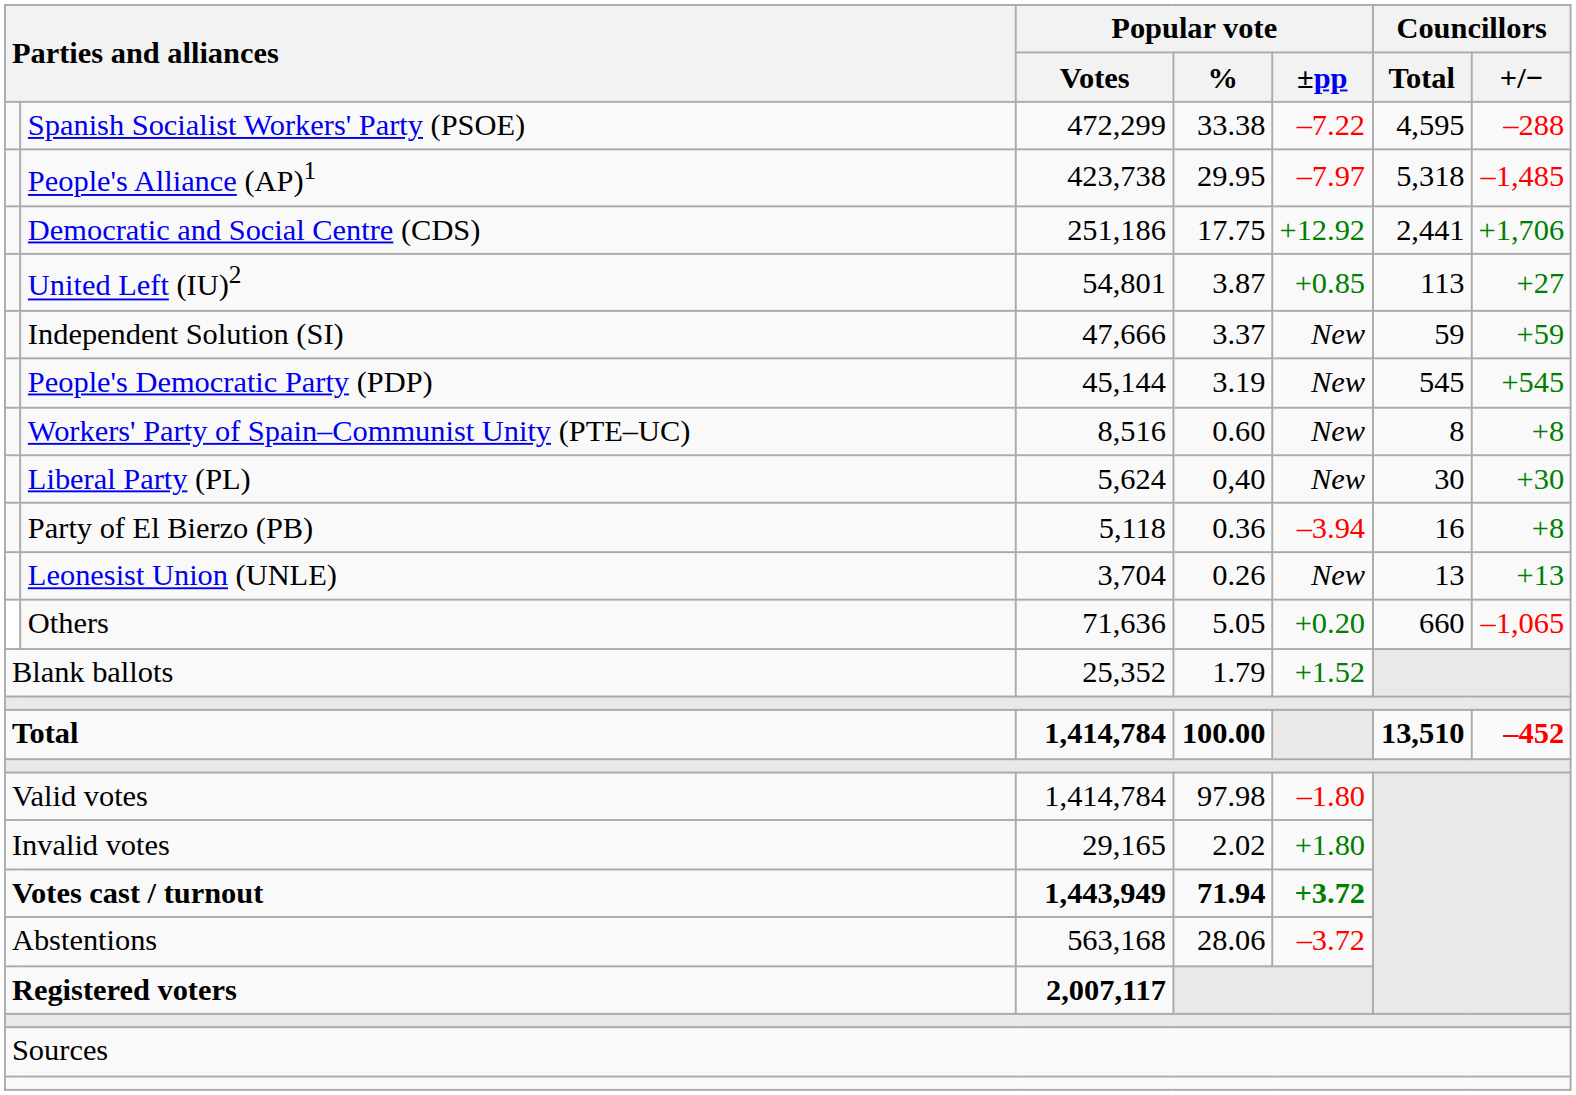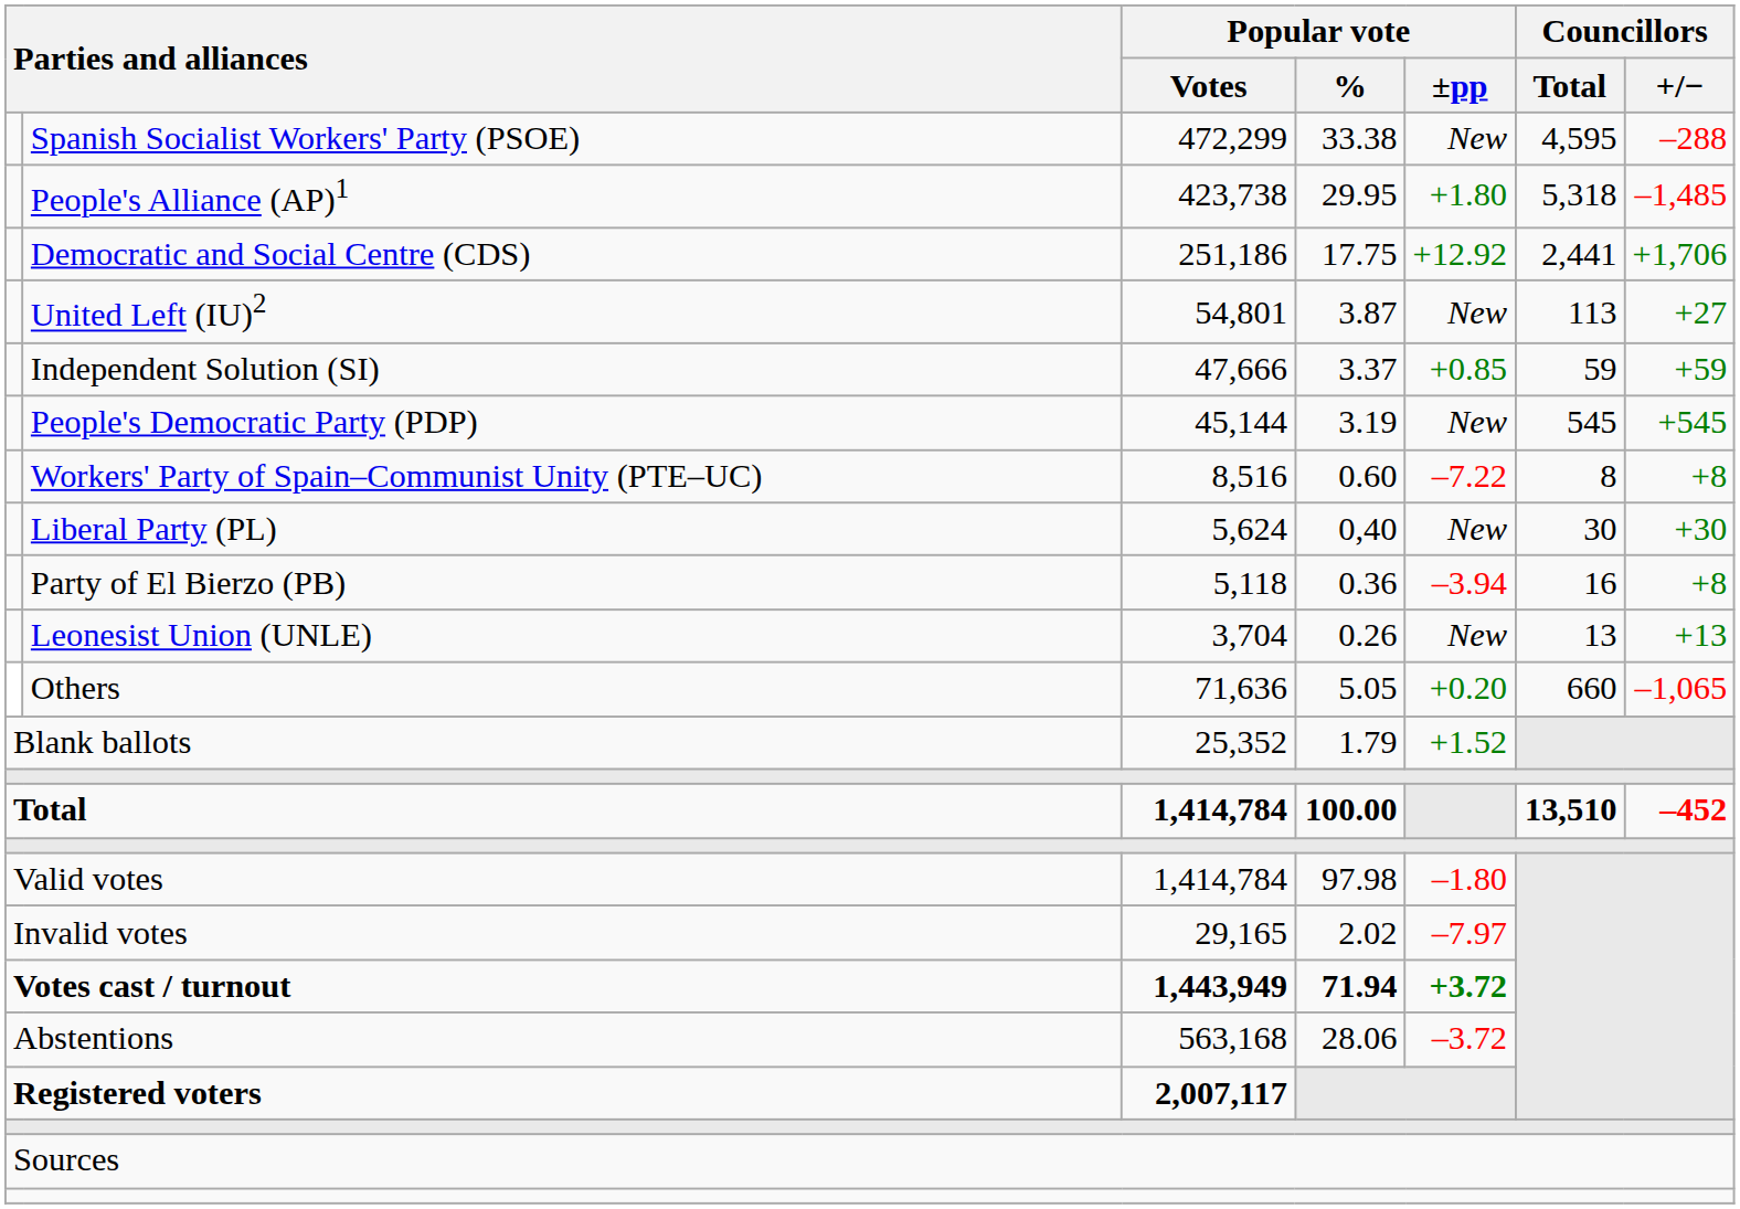 <table class="wikitable" style="text-align:right;">
 <tr>
 <th style="text-align:left;" rowspan="2" colspan="2" width="525">Parties and alliances</th>
 <th colspan="3">Popular vote</th>
 <th colspan="2">Councillors</th>
 </tr>
 <tr>
 <th width="75">Votes</th>
 <th width="45">%</th>
 <th width="45">±<a href='#'>pp</a></th>
 <th width="45">Total</th>
 <th width="45">+/−</th>
 </tr>
 <tr>
 <td width="1" style="color:inherit;background:"></td>
 <td align="left"><a href='#'>Spanish Socialist Workers' Party</a> (PSOE)</td>
 <td>472,299</td>
 <td>33.38</td>
-<td style="color:red;">–7.22</td>
+<td><em>New</em></td>
 <td>4,595</td>
 <td style="color:red;">–288</td>
 </tr>
 <tr>
 <td style="color:inherit;background:"></td>
 <td align="left"><a href='#'>People's Alliance</a> (AP)<sup>1</sup></td>
 <td>423,738</td>
 <td>29.95</td>
-<td style="color:red;">–7.97</td>
+<td style="color:green;">+1.80</td>
 <td>5,318</td>
 <td style="color:red;">–1,485</td>
 </tr>
 <tr>
 <td style="color:inherit;background:"></td>
 <td align="left"><a href='#'>Democratic and Social Centre</a> (CDS)</td>
 <td>251,186</td>
 <td>17.75</td>
 <td style="color:green;">+12.92</td>
 <td>2,441</td>
 <td style="color:green;">+1,706</td>
 </tr>
 <tr>
 <td style="color:inherit;background:"></td>
 <td align="left"><a href='#'>United Left</a> (IU)<sup>2</sup></td>
 <td>54,801</td>
 <td>3.87</td>
-<td style="color:green;">+0.85</td>
+<td><em>New</em></td>
 <td>113</td>
 <td style="color:green;">+27</td>
 </tr>
 <tr>
 <td width="1" style="color:inherit;background:"></td>
 <td align="left">Independent Solution (SI)</td>
 <td>47,666</td>
 <td>3.37</td>
-<td><em>New</em></td>
+<td style="color:green;">+0.85</td>
 <td>59</td>
 <td style="color:green;">+59</td>
 </tr>
 <tr>
 <td style="color:inherit;background:"></td>
 <td align="left"><a href='#'>People's Democratic Party</a> (PDP)</td>
 <td>45,144</td>
 <td>3.19</td>
 <td><em>New</em></td>
 <td>545</td>
 <td style="color:green;">+545</td>
 </tr>
 <tr>
 <td style="color:inherit;background:"></td>
 <td align="left"><a href='#'>Workers' Party of Spain–Communist Unity</a> (PTE–UC)</td>
 <td>8,516</td>
 <td>0.60</td>
-<td><em>New</em></td>
+<td style="color:red;">–7.22</td>
 <td>8</td>
 <td style="color:green;">+8</td>
 </tr>
 <tr>
 <td style="color:inherit;background:"></td>
 <td align="left"><a href='#'>Liberal Party</a> (PL)</td>
 <td>5,624</td>
 <td>0,40</td>
 <td><em>New</em></td>
 <td>30</td>
 <td style="color:green;">+30</td>
 </tr>
 <tr>
 <td style="color:inherit;background:"></td>
 <td align="left">Party of El Bierzo (PB)</td>
 <td>5,118</td>
 <td>0.36</td>
 <td style="color:red;">–3.94</td>
 <td>16</td>
 <td style="color:green;">+8</td>
 </tr>
 <tr>
 <td style="color:inherit;background:"></td>
 <td align="left"><a href='#'>Leonesist Union</a> (UNLE)</td>
 <td>3,704</td>
 <td>0.26</td>
 <td><em>New</em></td>
 <td>13</td>
 <td style="color:green;">+13</td>
 </tr>
 <tr>
 <td bgcolor="white"></td>
 <td align="left">Others</td>
 <td>71,636</td>
 <td>5.05</td>
 <td style="color:green;">+0.20</td>
 <td>660</td>
 <td style="color:red;">–1,065</td>
 </tr>
 <tr>
 <td align="left" colspan="2">Blank ballots</td>
 <td>25,352</td>
 <td>1.79</td>
 <td style="color:green;">+1.52</td>
 <td bgcolor="#E9E9E9" colspan="2"></td>
 </tr>
 <tr>
 <td colspan="7" bgcolor="#E9E9E9"></td>
 </tr>
 <tr style="font-weight:bold;">
 <td align="left" colspan="2">Total</td>
 <td>1,414,784</td>
 <td>100.00</td>
 <td bgcolor="#E9E9E9"></td>
 <td>13,510</td>
 <td style="color:red;">–452</td>
 </tr>
 <tr>
 <td colspan="7" bgcolor="#E9E9E9"></td>
 </tr>
 <tr>
 <td align="left" colspan="2">Valid votes</td>
 <td>1,414,784</td>
 <td>97.98</td>
 <td style="color:red;">–1.80</td>
 <td bgcolor="#E9E9E9" colspan="2" rowspan="5"></td>
 </tr>
 <tr>
 <td align="left" colspan="2">Invalid votes</td>
 <td>29,165</td>
 <td>2.02</td>
-<td style="color:green;">+1.80</td>
+<td style="color:red;">–7.97</td>
 </tr>
 <tr style="font-weight:bold;">
 <td align="left" colspan="2">Votes cast / turnout</td>
 <td>1,443,949</td>
 <td>71.94</td>
 <td style="color:green;">+3.72</td>
 </tr>
 <tr>
 <td align="left" colspan="2">Abstentions</td>
 <td>563,168</td>
 <td>28.06</td>
 <td style="color:red;">–3.72</td>
 </tr>
 <tr style="font-weight:bold;">
 <td align="left" colspan="2">Registered voters</td>
 <td>2,007,117</td>
 <td bgcolor="#E9E9E9" colspan="2"></td>
 </tr>
 <tr>
 <td colspan="7" bgcolor="#E9E9E9"></td>
 </tr>
 <tr>
 <td align="left" colspan="7">Sources</td>
 </tr>
 <tr>
 <td colspan="7" style="text-align:left; max-width:790px;"></td>
 </tr>
 </table>
